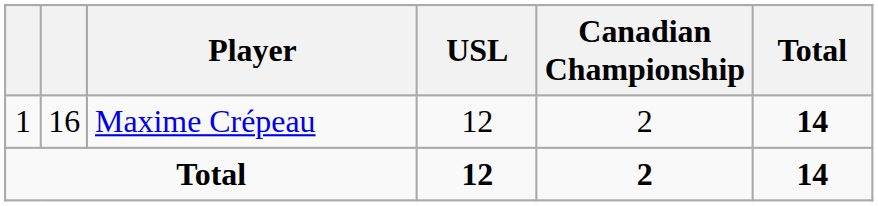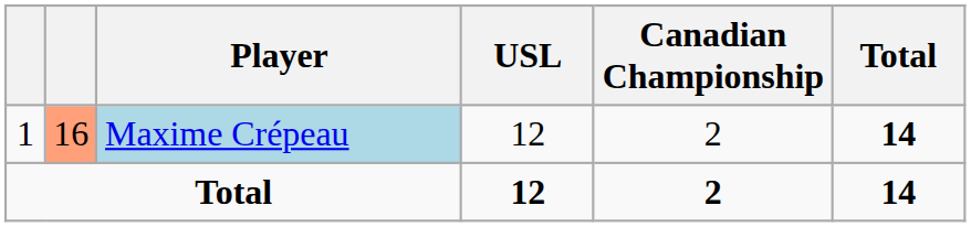 <table class="wikitable sortable" style="font-size: 95%; text-align: center;">
 <tr>
 <th width=10></th>
 <th width=10></th>
 <th width=150>Player</th>
 <th width=50>USL</th>
 <th width=50>Canadian Championship</th>
 <th width=50>Total</th>
 </tr>
 <tr>
 <td>1</td>
-<td>16</td>
-<td align=left> <a href='#'>Maxime Crépeau</a></td>
+<td style="background: lightsalmon;">16</td>
+<td align=left style="background: lightblue;"> <a href='#'>Maxime Crépeau</a></td>
 <td>12</td>
 <td>2</td>
 <td><strong>14</strong></td>
 </tr>
 <tr>
 <td colspan="3"><strong>Total</strong></td>
 <td><strong>12</strong></td>
 <td><strong>2</strong></td>
 <td><strong>14</strong></td>
 </tr>
 </table>
